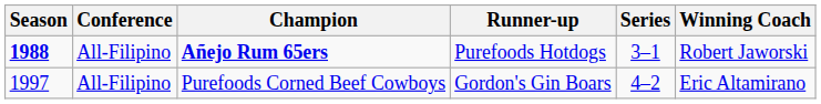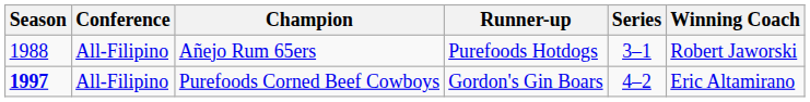 <table class="wikitable">
 <tr>
 <th>Season</th>
 <th>Conference</th>
 <th>Champion</th>
 <th>Runner-up</th>
 <th>Series</th>
 <th>Winning Coach</th>
 </tr>
 <tr>
-<td><strong><a href='#'>1988</a></strong></td>
+<td><a href='#'>1988</a></td>
 <td><a href='#'>All-Filipino</a></td>
-<td><strong><a href='#'>Añejo Rum 65ers</a></strong></td>
+<td><a href='#'>Añejo Rum 65ers</a></td>
 <td><a href='#'>Purefoods Hotdogs</a></td>
 <td style="text-align: center"><a href='#'>3–1</a></td>
 <td><a href='#'>Robert Jaworski</a></td>
 </tr>
 <tr>
-<td><a href='#'>1997</a></td>
+<td><strong><a href='#'>1997</a></strong></td>
 <td><a href='#'>All-Filipino</a></td>
 <td><a href='#'>Purefoods Corned Beef Cowboys</a></td>
 <td><a href='#'>Gordon's Gin Boars</a></td>
 <td style="text-align: center"><a href='#'>4–2</a></td>
 <td><a href='#'>Eric Altamirano</a></td>
 </tr>
 </table>
